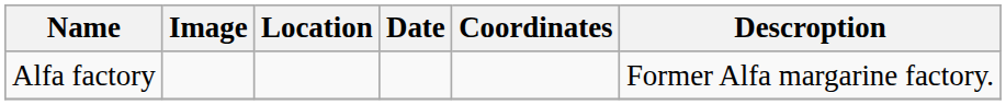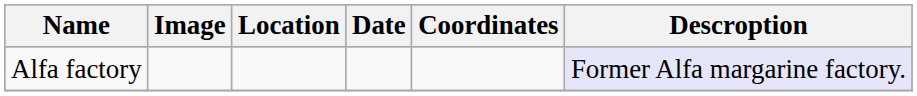 <table class="wikitable sortable">
 <tr>
 <th>Name</th>
 <th>Image</th>
 <th>Location</th>
 <th>Date</th>
 <th>Coordinates</th>
 <th>Descroption</th>
 </tr>
 <tr>
 <td>Alfa factory</td>
 <td></td>
 <td></td>
 <td></td>
 <td></td>
-<td>Former Alfa margarine factory. </td>
+<td style="background: lavender;">Former Alfa margarine factory. </td>
 </tr>
 <tr>
 </tr>
 </table>
